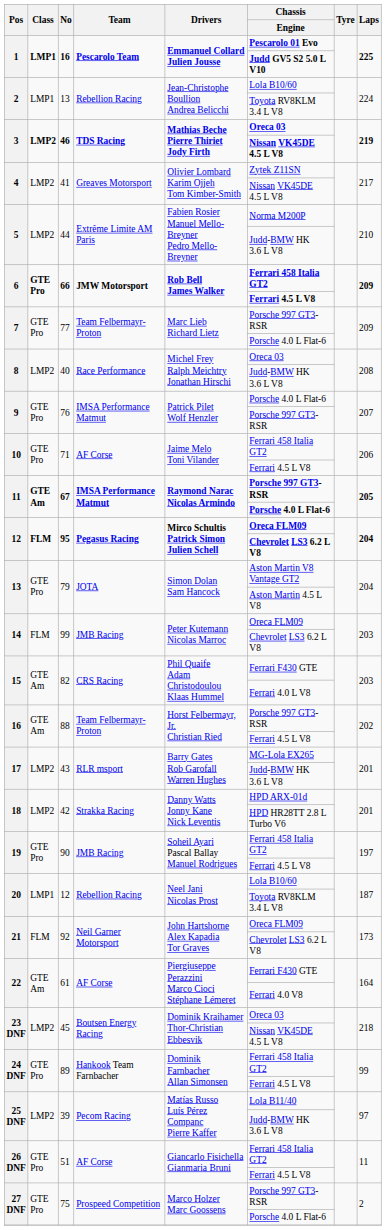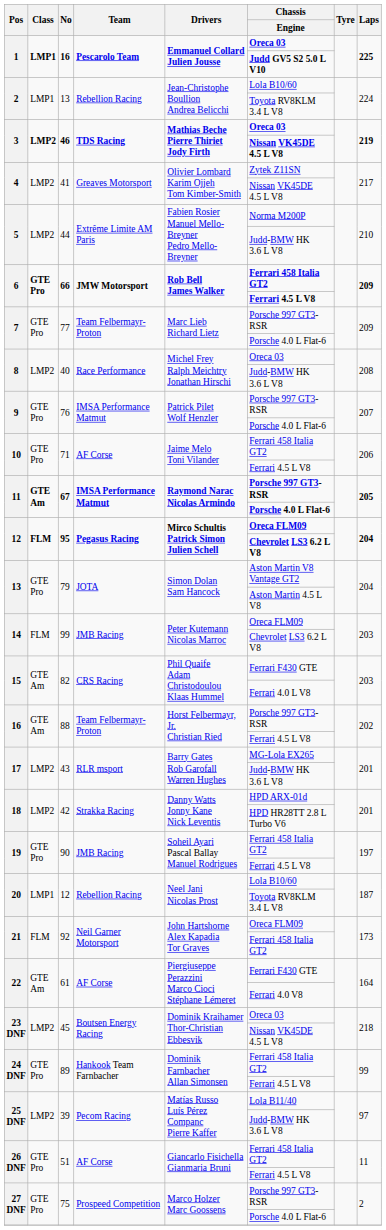 <table class="wikitable" style="font-size: 95%;">
 <tr>
 <th rowspan=2>Pos</th>
 <th rowspan=2>Class</th>
 <th rowspan=2>No</th>
 <th rowspan=2>Team</th>
 <th rowspan=2>Drivers</th>
 <th>Chassis</th>
 <th rowspan=2>Tyre</th>
 <th rowspan=2>Laps</th>
 </tr>
 <tr>
 <th>Engine</th>
 </tr>
 <tr style="font-weight:bold">
 <th rowspan=2>1</th>
 <td rowspan=2>LMP1</td>
 <td rowspan=2>16</td>
 <td rowspan=2> <a href='#'>Pescarolo Team</a></td>
 <td rowspan=2> <a href='#'>Emmanuel Collard</a><br> <a href='#'>Julien Jousse</a></td>
-<td><a href='#'>Pescarolo 01</a> Evo</td>
+<td><a href='#'>Oreca 03</a></td>
 <td rowspan=2></td>
 <td rowspan=2>225</td>
 </tr>
 <tr style="font-weight:bold">
 <td><a href='#'>Judd</a> GV5 S2 5.0 L V10</td>
 </tr>
 <tr>
 <th rowspan=2>2</th>
 <td rowspan=2>LMP1</td>
 <td rowspan=2>13</td>
 <td rowspan=2> <a href='#'>Rebellion Racing</a></td>
 <td rowspan=2> <a href='#'>Jean-Christophe Boullion</a><br> <a href='#'>Andrea Belicchi</a></td>
 <td><a href='#'>Lola B10/60</a></td>
 <td rowspan=2></td>
 <td rowspan=2>224</td>
 </tr>
 <tr>
 <td><a href='#'>Toyota</a> RV8KLM 3.4 L V8</td>
 </tr>
 <tr style="font-weight:bold">
 <th rowspan=2>3</th>
 <td rowspan=2>LMP2</td>
 <td rowspan=2>46</td>
 <td rowspan=2> <a href='#'>TDS Racing</a></td>
 <td rowspan=2> <a href='#'>Mathias Beche</a><br> <a href='#'>Pierre Thiriet</a><br> <a href='#'>Jody Firth</a></td>
 <td><a href='#'>Oreca 03</a></td>
 <td rowspan=2></td>
 <td rowspan=2>219</td>
 </tr>
 <tr style="font-weight:bold">
 <td><a href='#'>Nissan</a> <a href='#'>VK45DE</a> 4.5 L V8</td>
 </tr>
 <tr>
 <th rowspan=2>4</th>
 <td rowspan=2>LMP2</td>
 <td rowspan=2>41</td>
 <td rowspan=2> <a href='#'>Greaves Motorsport</a></td>
 <td rowspan=2> <a href='#'>Olivier Lombard</a><br> <a href='#'>Karim Ojjeh</a><br> <a href='#'>Tom Kimber-Smith</a></td>
 <td><a href='#'>Zytek Z11SN</a></td>
 <td rowspan=2></td>
 <td rowspan=2>217</td>
 </tr>
 <tr>
 <td><a href='#'>Nissan</a> <a href='#'>VK45DE</a> 4.5 L V8</td>
 </tr>
 <tr>
 <th rowspan=2>5</th>
 <td rowspan=2>LMP2</td>
 <td rowspan=2>44</td>
 <td rowspan=2> <a href='#'>Extrême Limite AM Paris</a></td>
 <td rowspan=2> <a href='#'>Fabien Rosier</a><br> <a href='#'>Manuel Mello-Breyner</a><br> <a href='#'>Pedro Mello-Breyner</a></td>
 <td><a href='#'>Norma M200P</a></td>
 <td rowspan=2></td>
 <td rowspan=2>210</td>
 </tr>
 <tr>
 <td><a href='#'>Judd</a>-<a href='#'>BMW</a> HK 3.6 L V8</td>
 </tr>
 <tr style="font-weight:bold">
 <th rowspan=2>6</th>
 <td rowspan=2>GTE<br>Pro</td>
 <td rowspan=2>66</td>
 <td rowspan=2> JMW Motorsport</td>
 <td rowspan=2> <a href='#'>Rob Bell</a><br> <a href='#'>James Walker</a></td>
 <td><a href='#'>Ferrari 458 Italia GT2</a></td>
 <td rowspan=2></td>
 <td rowspan=2>209</td>
 </tr>
 <tr style="font-weight:bold">
 <td><a href='#'>Ferrari</a> 4.5 L V8</td>
 </tr>
 <tr>
 <th rowspan=2>7</th>
 <td rowspan=2>GTE<br>Pro</td>
 <td rowspan=2>77</td>
 <td rowspan=2> <a href='#'>Team Felbermayr-Proton</a></td>
 <td rowspan=2> <a href='#'>Marc Lieb</a><br> <a href='#'>Richard Lietz</a></td>
 <td><a href='#'>Porsche 997 GT3</a>-RSR</td>
 <td rowspan=2></td>
 <td rowspan=2>209</td>
 </tr>
 <tr>
 <td><a href='#'>Porsche</a> 4.0 L Flat-6</td>
 </tr>
 <tr>
 <th rowspan=2>8</th>
 <td rowspan=2>LMP2</td>
 <td rowspan=2>40</td>
 <td rowspan=2> <a href='#'>Race Performance</a></td>
 <td rowspan=2> <a href='#'>Michel Frey</a><br> <a href='#'>Ralph Meichtry</a><br> <a href='#'>Jonathan Hirschi</a></td>
 <td><a href='#'>Oreca 03</a></td>
 <td rowspan=2></td>
 <td rowspan=2>208</td>
 </tr>
 <tr>
 <td><a href='#'>Judd</a>-<a href='#'>BMW</a> HK 3.6 L V8</td>
 </tr>
 <tr>
 <th rowspan=2>9</th>
 <td rowspan=2>GTE<br>Pro</td>
 <td rowspan=2>76</td>
 <td rowspan=2> <a href='#'>IMSA Performance Matmut</a></td>
 <td rowspan=2> <a href='#'>Patrick Pilet</a><br> <a href='#'>Wolf Henzler</a></td>
-<td><a href='#'>Porsche</a> 4.0 L Flat-6</td>
+<td><a href='#'>Porsche 997 GT3</a>-RSR</td>
 <td rowspan=2></td>
 <td rowspan=2>207</td>
 </tr>
 <tr>
-<td><a href='#'>Porsche 997 GT3</a>-RSR</td>
+<td><a href='#'>Porsche</a> 4.0 L Flat-6</td>
 </tr>
 <tr>
 <th rowspan=2>10</th>
 <td rowspan=2>GTE<br>Pro</td>
 <td rowspan=2>71</td>
 <td rowspan=2> <a href='#'>AF Corse</a></td>
 <td rowspan=2> <a href='#'>Jaime Melo</a><br> <a href='#'>Toni Vilander</a></td>
 <td><a href='#'>Ferrari 458 Italia GT2</a></td>
 <td rowspan=2></td>
 <td rowspan=2>206</td>
 </tr>
 <tr>
 <td><a href='#'>Ferrari</a> 4.5 L V8</td>
 </tr>
 <tr style="font-weight:bold">
 <th rowspan=2>11</th>
 <td rowspan=2>GTE<br>Am</td>
 <td rowspan=2>67</td>
 <td rowspan=2> <a href='#'>IMSA Performance Matmut</a></td>
 <td rowspan=2> <a href='#'>Raymond Narac</a><br> <a href='#'>Nicolas Armindo</a></td>
 <td><a href='#'>Porsche 997 GT3</a>-RSR</td>
 <td rowspan=2></td>
 <td rowspan=2>205</td>
 </tr>
 <tr style="font-weight:bold">
 <td><a href='#'>Porsche</a> 4.0 L Flat-6</td>
 </tr>
 <tr style="font-weight:bold">
 <th rowspan=2>12</th>
 <td rowspan=2>FLM</td>
 <td rowspan=2>95</td>
 <td rowspan=2> <a href='#'>Pegasus Racing</a></td>
 <td rowspan=2> Mirco Schultis<br> <a href='#'>Patrick Simon</a><br> <a href='#'>Julien Schell</a></td>
 <td><a href='#'>Oreca FLM09</a></td>
 <td rowspan=2></td>
 <td rowspan=2>204</td>
 </tr>
 <tr style="font-weight:bold">
 <td><a href='#'>Chevrolet</a> <a href='#'>LS3</a> 6.2 L V8</td>
 </tr>
 <tr>
 <th rowspan=2>13</th>
 <td rowspan=2>GTE<br>Pro</td>
 <td rowspan=2>79</td>
 <td rowspan=2> <a href='#'>JOTA</a></td>
 <td rowspan=2> <a href='#'>Simon Dolan</a><br> <a href='#'>Sam Hancock</a></td>
 <td><a href='#'>Aston Martin V8 Vantage GT2</a></td>
 <td rowspan=2></td>
 <td rowspan=2>204</td>
 </tr>
 <tr>
 <td><a href='#'>Aston Martin</a> 4.5 L V8</td>
 </tr>
 <tr>
 <th rowspan=2>14</th>
 <td rowspan=2>FLM</td>
 <td rowspan=2>99</td>
 <td rowspan=2> <a href='#'>JMB Racing</a></td>
 <td rowspan=2> <a href='#'>Peter Kutemann</a><br> <a href='#'>Nicolas Marroc</a></td>
 <td><a href='#'>Oreca FLM09</a></td>
 <td rowspan=2></td>
 <td rowspan=2>203</td>
 </tr>
 <tr>
 <td><a href='#'>Chevrolet</a> <a href='#'>LS3</a> 6.2 L V8</td>
 </tr>
 <tr>
 <th rowspan=2>15</th>
 <td rowspan=2>GTE<br>Am</td>
 <td rowspan=2>82</td>
 <td rowspan=2> <a href='#'>CRS Racing</a></td>
 <td rowspan=2> <a href='#'>Phil Quaife</a><br> <a href='#'>Adam Christodoulou</a><br> <a href='#'>Klaas Hummel</a></td>
 <td><a href='#'>Ferrari F430</a> GTE</td>
 <td rowspan=2></td>
 <td rowspan=2>203</td>
 </tr>
 <tr>
 <td><a href='#'>Ferrari</a> 4.0 L V8</td>
 </tr>
 <tr>
 <th rowspan=2>16</th>
 <td rowspan=2>GTE<br>Am</td>
 <td rowspan=2>88</td>
 <td rowspan=2> <a href='#'>Team Felbermayr-Proton</a></td>
 <td rowspan=2> <a href='#'>Horst Felbermayr, Jr.</a><br> <a href='#'>Christian Ried</a></td>
 <td><a href='#'>Porsche 997 GT3</a>-RSR</td>
 <td rowspan=2></td>
 <td rowspan=2>202</td>
 </tr>
 <tr>
 <td><a href='#'>Ferrari</a> 4.5 L V8</td>
 </tr>
 <tr>
 <th rowspan=2>17</th>
 <td rowspan=2>LMP2</td>
 <td rowspan=2>43</td>
 <td rowspan=2> <a href='#'>RLR msport</a></td>
 <td rowspan=2> <a href='#'>Barry Gates</a><br> <a href='#'>Rob Garofall</a><br> <a href='#'>Warren Hughes</a></td>
 <td><a href='#'>MG-Lola EX265</a></td>
 <td rowspan=2></td>
 <td rowspan=2>201</td>
 </tr>
 <tr>
 <td><a href='#'>Judd</a>-<a href='#'>BMW</a> HK 3.6 L V8</td>
 </tr>
 <tr>
 <th rowspan=2>18</th>
 <td rowspan=2>LMP2</td>
 <td rowspan=2>42</td>
 <td rowspan=2> <a href='#'>Strakka Racing</a></td>
 <td rowspan=2> <a href='#'>Danny Watts</a><br> <a href='#'>Jonny Kane</a><br> <a href='#'>Nick Leventis</a></td>
 <td><a href='#'>HPD ARX-01d</a></td>
 <td rowspan=2></td>
 <td rowspan=2>201</td>
 </tr>
 <tr>
 <td><a href='#'>HPD</a> HR28TT 2.8 L Turbo V6</td>
 </tr>
 <tr>
 <th rowspan=2>19</th>
 <td rowspan=2>GTE<br>Pro</td>
 <td rowspan=2>90</td>
 <td rowspan=2> <a href='#'>JMB Racing</a></td>
 <td rowspan=2> <a href='#'>Soheil Ayari</a><br> Pascal Ballay<br> <a href='#'>Manuel Rodrigues</a></td>
 <td><a href='#'>Ferrari 458 Italia GT2</a></td>
 <td rowspan=2></td>
 <td rowspan=2>197</td>
 </tr>
 <tr>
 <td><a href='#'>Ferrari</a> 4.5 L V8</td>
 </tr>
 <tr>
 <th rowspan=2>20</th>
 <td rowspan=2>LMP1</td>
 <td rowspan=2>12</td>
 <td rowspan=2> <a href='#'>Rebellion Racing</a></td>
 <td rowspan=2> <a href='#'>Neel Jani</a><br> <a href='#'>Nicolas Prost</a></td>
 <td><a href='#'>Lola B10/60</a></td>
 <td rowspan=2></td>
 <td rowspan=2>187</td>
 </tr>
 <tr>
 <td><a href='#'>Toyota</a> RV8KLM 3.4 L V8</td>
 </tr>
 <tr>
 <th rowspan=2>21</th>
 <td rowspan=2>FLM</td>
 <td rowspan=2>92</td>
 <td rowspan=2> <a href='#'>Neil Garner Motorsport</a></td>
 <td rowspan=2> <a href='#'>John Hartshorne</a><br> <a href='#'>Alex Kapadia</a><br> <a href='#'>Tor Graves</a></td>
 <td><a href='#'>Oreca FLM09</a></td>
 <td rowspan=2></td>
 <td rowspan=2>173</td>
 </tr>
 <tr>
-<td><a href='#'>Chevrolet</a> <a href='#'>LS3</a> 6.2 L V8</td>
+<td><a href='#'>Ferrari 458 Italia GT2</a></td>
 </tr>
 <tr>
 <th rowspan=2>22</th>
 <td rowspan=2>GTE<br>Am</td>
 <td rowspan=2>61</td>
 <td rowspan=2> <a href='#'>AF Corse</a></td>
 <td rowspan=2> <a href='#'>Piergiuseppe Perazzini</a><br> <a href='#'>Marco Cioci</a><br> <a href='#'>Stéphane Lémeret</a></td>
 <td><a href='#'>Ferrari F430</a> GTE</td>
 <td rowspan=2></td>
 <td rowspan=2>164</td>
 </tr>
 <tr>
 <td><a href='#'>Ferrari</a> 4.0 V8</td>
 </tr>
 <tr>
 <th rowspan=2>23<br>DNF</th>
 <td rowspan=2>LMP2</td>
 <td rowspan=2>45</td>
 <td rowspan=2> <a href='#'>Boutsen Energy Racing</a></td>
 <td rowspan=2> <a href='#'>Dominik Kraihamer</a><br> <a href='#'>Thor-Christian Ebbesvik</a></td>
 <td><a href='#'>Oreca 03</a></td>
 <td rowspan=2></td>
 <td rowspan=2>218</td>
 </tr>
 <tr>
 <td><a href='#'>Nissan</a> <a href='#'>VK45DE</a> 4.5 L V8</td>
 </tr>
 <tr>
 <th rowspan=2>24<br>DNF</th>
 <td rowspan=2>GTE<br>Pro</td>
 <td rowspan=2>89</td>
 <td rowspan=2> <a href='#'>Hankook</a> Team Farnbacher</td>
 <td rowspan=2> <a href='#'>Dominik Farnbacher</a><br> <a href='#'>Allan Simonsen</a></td>
 <td><a href='#'>Ferrari 458 Italia GT2</a></td>
 <td rowspan=2></td>
 <td rowspan=2>99</td>
 </tr>
 <tr>
 <td><a href='#'>Ferrari</a> 4.5 L V8</td>
 </tr>
 <tr>
 <th rowspan=2>25<br>DNF</th>
 <td rowspan=2>LMP2</td>
 <td rowspan=2>39</td>
 <td rowspan=2> <a href='#'>Pecom Racing</a></td>
 <td rowspan=2> <a href='#'>Matías Russo</a><br> <a href='#'>Luís Pérez Companc</a><br> <a href='#'>Pierre Kaffer</a></td>
 <td><a href='#'>Lola B11/40</a></td>
 <td rowspan=2></td>
 <td rowspan=2>97</td>
 </tr>
 <tr>
 <td><a href='#'>Judd</a>-<a href='#'>BMW</a> HK 3.6 L V8</td>
 </tr>
 <tr>
 <th rowspan=2>26<br>DNF</th>
 <td rowspan=2>GTE<br>Pro</td>
 <td rowspan=2>51</td>
 <td rowspan=2> <a href='#'>AF Corse</a></td>
 <td rowspan=2> <a href='#'>Giancarlo Fisichella</a><br> <a href='#'>Gianmaria Bruni</a></td>
 <td><a href='#'>Ferrari 458 Italia GT2</a></td>
 <td rowspan=2></td>
 <td rowspan=2>11</td>
 </tr>
 <tr>
 <td><a href='#'>Ferrari</a> 4.5 L V8</td>
 </tr>
 <tr>
 <th rowspan=2>27<br>DNF</th>
 <td rowspan=2>GTE<br>Pro</td>
 <td rowspan=2>75</td>
 <td rowspan=2> <a href='#'>Prospeed Competition</a></td>
 <td rowspan=2> <a href='#'>Marco Holzer</a><br> <a href='#'>Marc Goossens</a></td>
 <td><a href='#'>Porsche 997 GT3</a>-RSR</td>
 <td rowspan=2></td>
 <td rowspan=2>2</td>
 </tr>
 <tr>
 <td><a href='#'>Porsche</a> 4.0 L Flat-6</td>
 </tr>
 <tr>
 </tr>
 </table>
